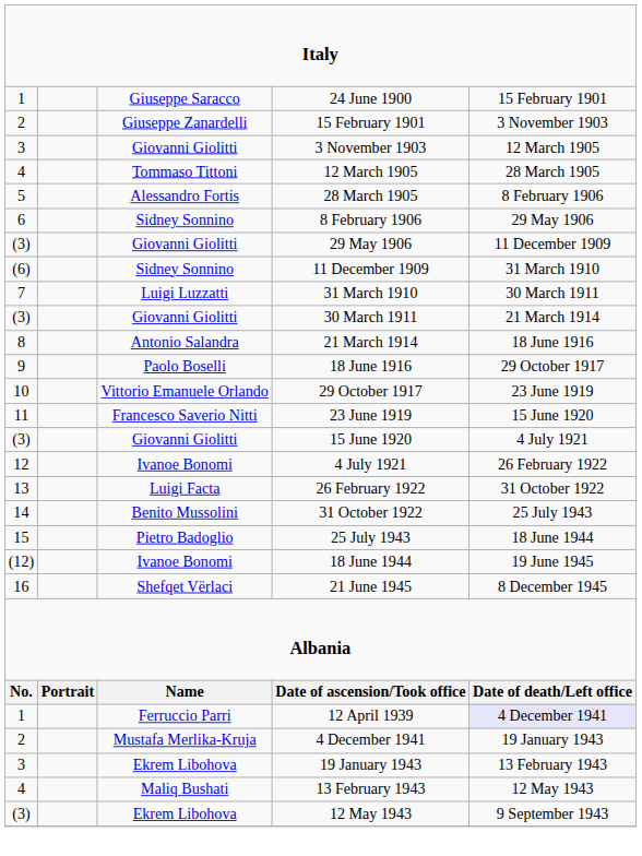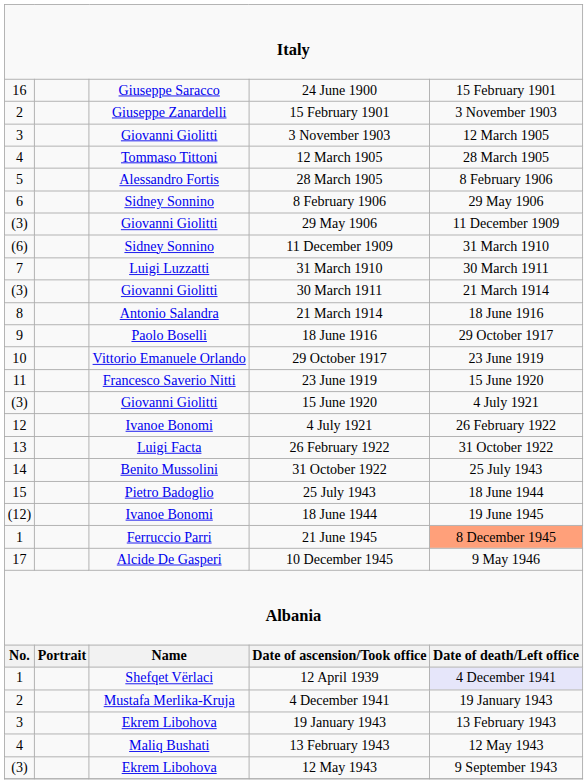 <table class="wikitable" style="clear:right; text-align:center">
 <tr>
 <td colspan=5><br><h3>Italy</h3></td>
 </tr>
 <tr>
-<td>1</td>
+<td>16</td>
 <td></td>
 <td><a href='#'>Giuseppe Saracco</a></td>
 <td>24 June 1900</td>
 <td>15 February 1901</td>
 </tr>
 <tr>
 <td>2</td>
 <td></td>
 <td><a href='#'>Giuseppe Zanardelli</a></td>
 <td>15 February 1901</td>
 <td>3 November 1903</td>
 </tr>
 <tr>
 <td>3</td>
 <td></td>
 <td><a href='#'>Giovanni Giolitti</a></td>
 <td>3 November 1903</td>
 <td>12 March 1905</td>
 </tr>
 <tr>
 <td>4</td>
 <td></td>
 <td><a href='#'>Tommaso Tittoni</a></td>
 <td>12 March 1905</td>
 <td>28 March 1905</td>
 </tr>
 <tr>
 <td>5</td>
 <td></td>
 <td><a href='#'>Alessandro Fortis</a></td>
 <td>28 March 1905</td>
 <td>8 February 1906</td>
 </tr>
 <tr>
 <td>6</td>
 <td></td>
 <td><a href='#'>Sidney Sonnino</a></td>
 <td>8 February 1906</td>
 <td>29 May 1906</td>
 </tr>
 <tr>
 <td>(3)</td>
 <td></td>
 <td><a href='#'>Giovanni Giolitti</a></td>
 <td>29 May 1906</td>
 <td>11 December 1909</td>
 </tr>
 <tr>
 <td>(6)</td>
 <td></td>
 <td><a href='#'>Sidney Sonnino</a></td>
 <td>11 December 1909</td>
 <td>31 March 1910</td>
 </tr>
 <tr>
 <td>7</td>
 <td></td>
 <td><a href='#'>Luigi Luzzatti</a></td>
 <td>31 March 1910</td>
 <td>30 March 1911</td>
 </tr>
 <tr>
 <td>(3)</td>
 <td></td>
 <td><a href='#'>Giovanni Giolitti</a></td>
 <td>30 March 1911</td>
 <td>21 March 1914</td>
 </tr>
 <tr>
 <td>8</td>
 <td></td>
 <td><a href='#'>Antonio Salandra</a></td>
 <td>21 March 1914</td>
 <td>18 June 1916</td>
 </tr>
 <tr>
 <td>9</td>
 <td></td>
 <td><a href='#'>Paolo Boselli</a></td>
 <td>18 June 1916</td>
 <td>29 October 1917</td>
 </tr>
 <tr>
 <td>10</td>
 <td></td>
 <td><a href='#'>Vittorio Emanuele Orlando</a></td>
 <td>29 October 1917</td>
 <td>23 June 1919</td>
 </tr>
 <tr>
 <td>11</td>
 <td></td>
 <td><a href='#'>Francesco Saverio Nitti</a></td>
 <td>23 June 1919</td>
 <td>15 June 1920</td>
 </tr>
 <tr>
 <td>(3)</td>
 <td></td>
 <td><a href='#'>Giovanni Giolitti</a></td>
 <td>15 June 1920</td>
 <td>4 July 1921</td>
 </tr>
 <tr>
 <td>12</td>
 <td></td>
 <td><a href='#'>Ivanoe Bonomi</a></td>
 <td>4 July 1921</td>
 <td>26 February 1922</td>
 </tr>
 <tr>
 <td>13</td>
 <td></td>
 <td><a href='#'>Luigi Facta</a></td>
 <td>26 February 1922</td>
 <td>31 October 1922</td>
 </tr>
 <tr>
 <td>14</td>
 <td></td>
 <td><a href='#'>Benito Mussolini</a></td>
 <td>31 October 1922</td>
 <td>25 July 1943</td>
 </tr>
 <tr>
 <td>15</td>
 <td></td>
 <td><a href='#'>Pietro Badoglio</a></td>
 <td>25 July 1943</td>
 <td>18 June 1944</td>
 </tr>
 <tr>
 <td>(12)</td>
 <td></td>
 <td><a href='#'>Ivanoe Bonomi</a></td>
 <td>18 June 1944</td>
 <td>19 June 1945</td>
 </tr>
 <tr>
-<td>16</td>
+<td>1</td>
 <td></td>
-<td><a href='#'>Shefqet Vërlaci</a></td>
+<td><a href='#'>Ferruccio Parri</a></td>
 <td>21 June 1945</td>
-<td>8 December 1945</td>
+<td style="background: lightsalmon;">8 December 1945</td>
+</tr>
+<tr>
+<td>17</td>
+<td></td>
+<td><a href='#'>Alcide De Gasperi</a></td>
+<td>10 December 1945</td>
+<td>9 May 1946</td>
 </tr>
 <tr>
 <td colspan=5><br><h3>Albania</h3></td>
 </tr>
 <tr>
 <th>No.</th>
 <th>Portrait</th>
 <th>Name</th>
 <th>Date of ascension/Took office</th>
 <th>Date of death/Left office</th>
 </tr>
 <tr>
 <td>1</td>
 <td></td>
-<td><a href='#'>Ferruccio Parri</a></td>
+<td><a href='#'>Shefqet Vërlaci</a></td>
 <td>12 April 1939</td>
 <td style="background: lavender;">4 December 1941</td>
 </tr>
 <tr>
 <td>2</td>
 <td></td>
 <td><a href='#'>Mustafa Merlika-Kruja</a></td>
 <td>4 December 1941</td>
 <td>19 January 1943</td>
 </tr>
 <tr>
 <td>3</td>
 <td></td>
 <td><a href='#'>Ekrem Libohova</a></td>
 <td>19 January 1943</td>
 <td>13 February 1943</td>
 </tr>
 <tr>
 <td>4</td>
 <td></td>
 <td><a href='#'>Maliq Bushati</a></td>
 <td>13 February 1943</td>
 <td>12 May 1943</td>
 </tr>
 <tr>
 <td>(3)</td>
 <td></td>
 <td><a href='#'>Ekrem Libohova</a></td>
 <td>12 May 1943</td>
 <td>9 September 1943</td>
 </tr>
 <tr>
 </tr>
 </table>
